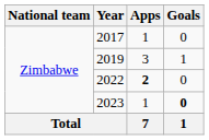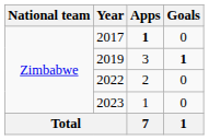 <table class=wikitable style=text-align:center>
 <tr>
 <th>National team</th>
 <th>Year</th>
 <th>Apps</th>
 <th>Goals</th>
 </tr>
 <tr>
 <td rowspan="4"><a href='#'>Zimbabwe</a></td>
 <td>2017</td>
-<td>1</td>
+<td><strong>1</strong></td>
 <td>0</td>
 </tr>
 <tr>
 <td>2019</td>
 <td>3</td>
-<td>1</td>
+<td><strong>1</strong></td>
 </tr>
 <tr>
 <td>2022</td>
-<td><strong>2</strong></td>
+<td>2</td>
 <td>0</td>
 </tr>
 <tr>
 <td>2023</td>
 <td>1</td>
-<td><strong>0</strong></td>
+<td>0</td>
 </tr>
 <tr>
 <th colspan="2">Total</th>
 <th>7</th>
 <th>1</th>
 </tr>
 </table>
